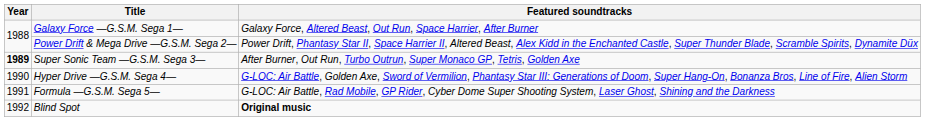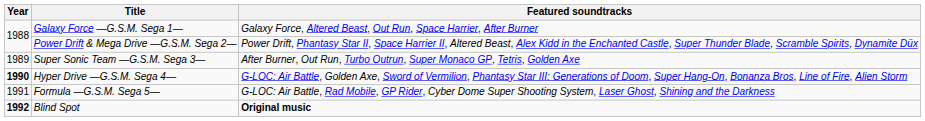 <table class="wikitable">
 <tr>
 <th>Year</th>
 <th>Title</th>
 <th>Featured soundtracks</th>
 </tr>
 <tr>
 <td rowspan ="2">1988</td>
 <td><em><a href='#'>Galaxy Force</a> —G.S.M. Sega 1—</em></td>
 <td><em>Galaxy Force</em>, <em><a href='#'>Altered Beast</a></em>, <em><a href='#'>Out Run</a></em>, <em><a href='#'>Space Harrier</a></em>, <em><a href='#'>After Burner</a></em></td>
 </tr>
 <tr>
 <td><em><a href='#'>Power Drift</a> & Mega Drive —G.S.M. Sega 2—</em></td>
 <td><em>Power Drift</em>, <em><a href='#'>Phantasy Star II</a></em>, <em><a href='#'>Space Harrier II</a></em>, <em>Altered Beast</em>, <em><a href='#'>Alex Kidd in the Enchanted Castle</a></em>, <em><a href='#'>Super Thunder Blade</a></em>, <em><a href='#'>Scramble Spirits</a></em>, <em><a href='#'>Dynamite Düx</a></em></td>
 </tr>
 <tr>
-<td><strong>1989</strong></td>
+<td>1989</td>
 <td><em>Super Sonic Team —G.S.M. Sega 3—</em></td>
 <td><em>After Burner</em>, <em>Out Run</em>, <em><a href='#'>Turbo Outrun</a></em>, <em><a href='#'>Super Monaco GP</a></em>, <em><a href='#'>Tetris</a></em>, <em><a href='#'>Golden Axe</a></em></td>
 </tr>
 <tr>
-<td>1990</td>
+<td><strong>1990</strong></td>
 <td><em>Hyper Drive —G.S.M. Sega 4— </em></td>
 <td><em><a href='#'>G-LOC: Air Battle</a></em>, <em>Golden Axe</em>, <em><a href='#'>Sword of Vermilion</a></em>, <em><a href='#'>Phantasy Star III: Generations of Doom</a></em>, <em><a href='#'>Super Hang-On</a></em>, <em><a href='#'>Bonanza Bros</a></em>, <em><a href='#'>Line of Fire</a></em>, <em><a href='#'>Alien Storm</a></em></td>
 </tr>
 <tr>
 <td>1991</td>
 <td><em>Formula —G.S.M. Sega 5—</em></td>
 <td><em>G-LOC: Air Battle</em>, <em><a href='#'>Rad Mobile</a></em>, <em><a href='#'>GP Rider</a></em>, <em>Cyber Dome Super Shooting System</em>, <em><a href='#'>Laser Ghost</a></em>, <em><a href='#'>Shining and the Darkness</a></em></td>
 </tr>
 <tr>
-<td>1992</td>
+<td><strong>1992</strong></td>
 <td><em>Blind Spot</em></td>
 <td><strong>Original music</strong></td>
 </tr>
 </table>
